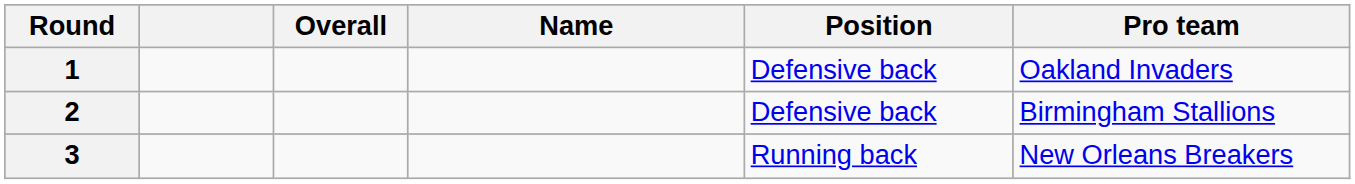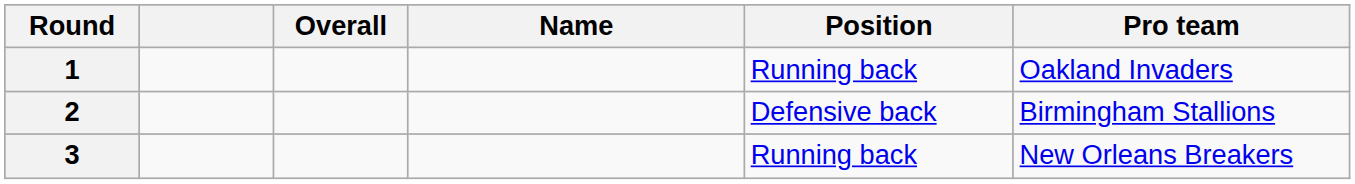 <table class="wikitable sortable" style="width: 50%;">
 <tr>
 <th scope="col" style="width: 10%;">Round</th>
 <th scope="col" style="width: 10%;"></th>
 <th scope="col" style="width: 10%;">Overall</th>
 <th scope="col" style="width: 25%;">Name</th>
 <th scope="col" style="width: 20%;">Position</th>
 <th scope="col" style="width: 25%;">Pro team</th>
 </tr>
 <tr>
 <th scope="row">1</th>
 <td></td>
 <td></td>
 <td></td>
-<td><a href='#'>Defensive back</a></td>
+<td><a href='#'>Running back</a></td>
 <td><a href='#'>Oakland Invaders</a></td>
 </tr>
 <tr>
 <th scope="row">2</th>
 <td></td>
 <td></td>
 <td></td>
 <td><a href='#'>Defensive back</a></td>
 <td><a href='#'>Birmingham Stallions</a></td>
 </tr>
 <tr>
 <th scope="row">3</th>
 <td></td>
 <td></td>
 <td></td>
 <td><a href='#'>Running back</a></td>
 <td><a href='#'>New Orleans Breakers</a></td>
 </tr>
 </table>
